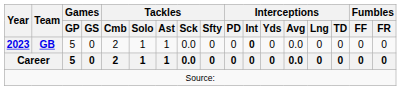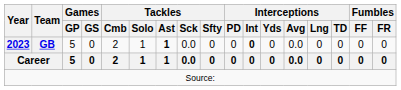 <table class="wikitable" style="text-align: center;">
 <tr>
 <th rowspan="2">Year</th>
 <th rowspan="2">Team</th>
 <th colspan="2">Games</th>
 <th colspan="5">Tackles</th>
 <th colspan="6">Interceptions</th>
 <th colspan="2">Fumbles</th>
 </tr>
 <tr>
 <th>GP</th>
 <th>GS</th>
 <th>Cmb</th>
 <th>Solo</th>
 <th>Ast</th>
 <th>Sck</th>
 <th>Sfty</th>
 <th>PD</th>
 <th>Int</th>
 <th>Yds</th>
 <th>Avg</th>
 <th>Lng</th>
 <th>TD</th>
 <th>FF</th>
 <th>FR</th>
 </tr>
 <tr>
 <th><a href='#'>2023</a></th>
 <th><a href='#'>GB</a></th>
 <td>5</td>
 <td>0</td>
 <td>2</td>
 <td>1</td>
-<td>1</td>
+<td><strong>1</strong></td>
 <td>0.0</td>
 <td>0</td>
 <td>0</td>
 <td><strong>0</strong></td>
 <td>0</td>
 <td>0.0</td>
 <td>0</td>
 <td>0</td>
 <td>0</td>
 <td>0</td>
 </tr>
 <tr>
 <th colspan="2">Career</th>
 <th>5</th>
 <th>0</th>
 <th>2</th>
 <th>1</th>
 <th>1</th>
 <th>0.0</th>
 <th>0</th>
 <th>0</th>
 <th>0</th>
 <th>0</th>
 <th>0.0</th>
 <th>0</th>
 <th>0</th>
 <th>0</th>
 <th>0</th>
 </tr>
 <tr>
 <td colspan="17"><small>Source: </small></td>
 </tr>
 </table>
